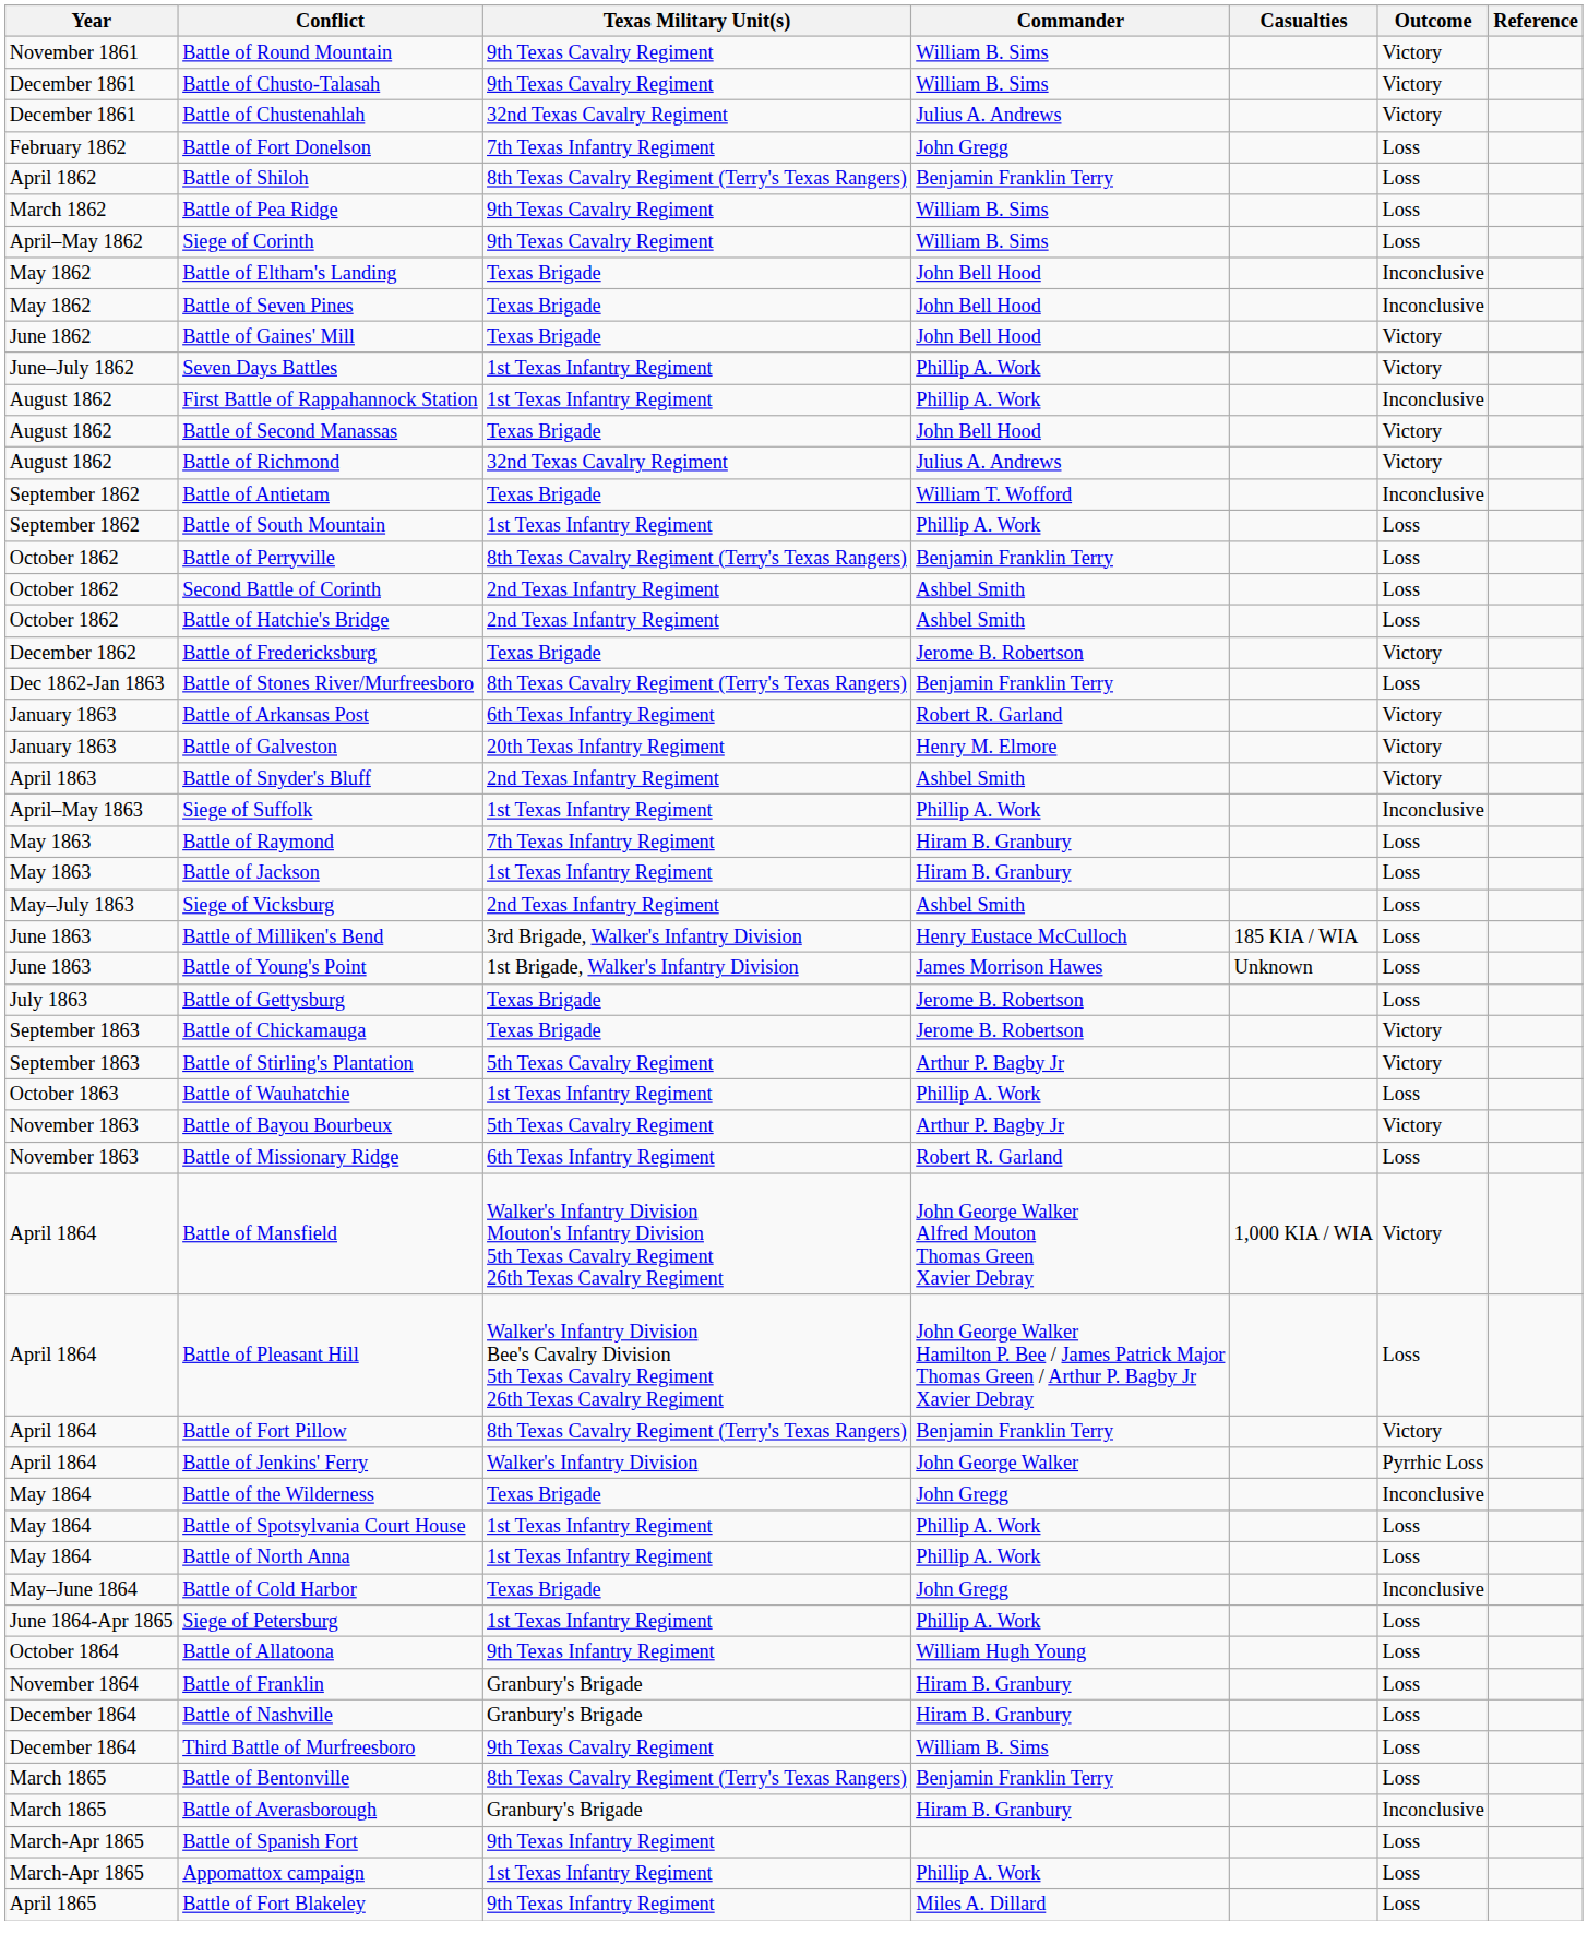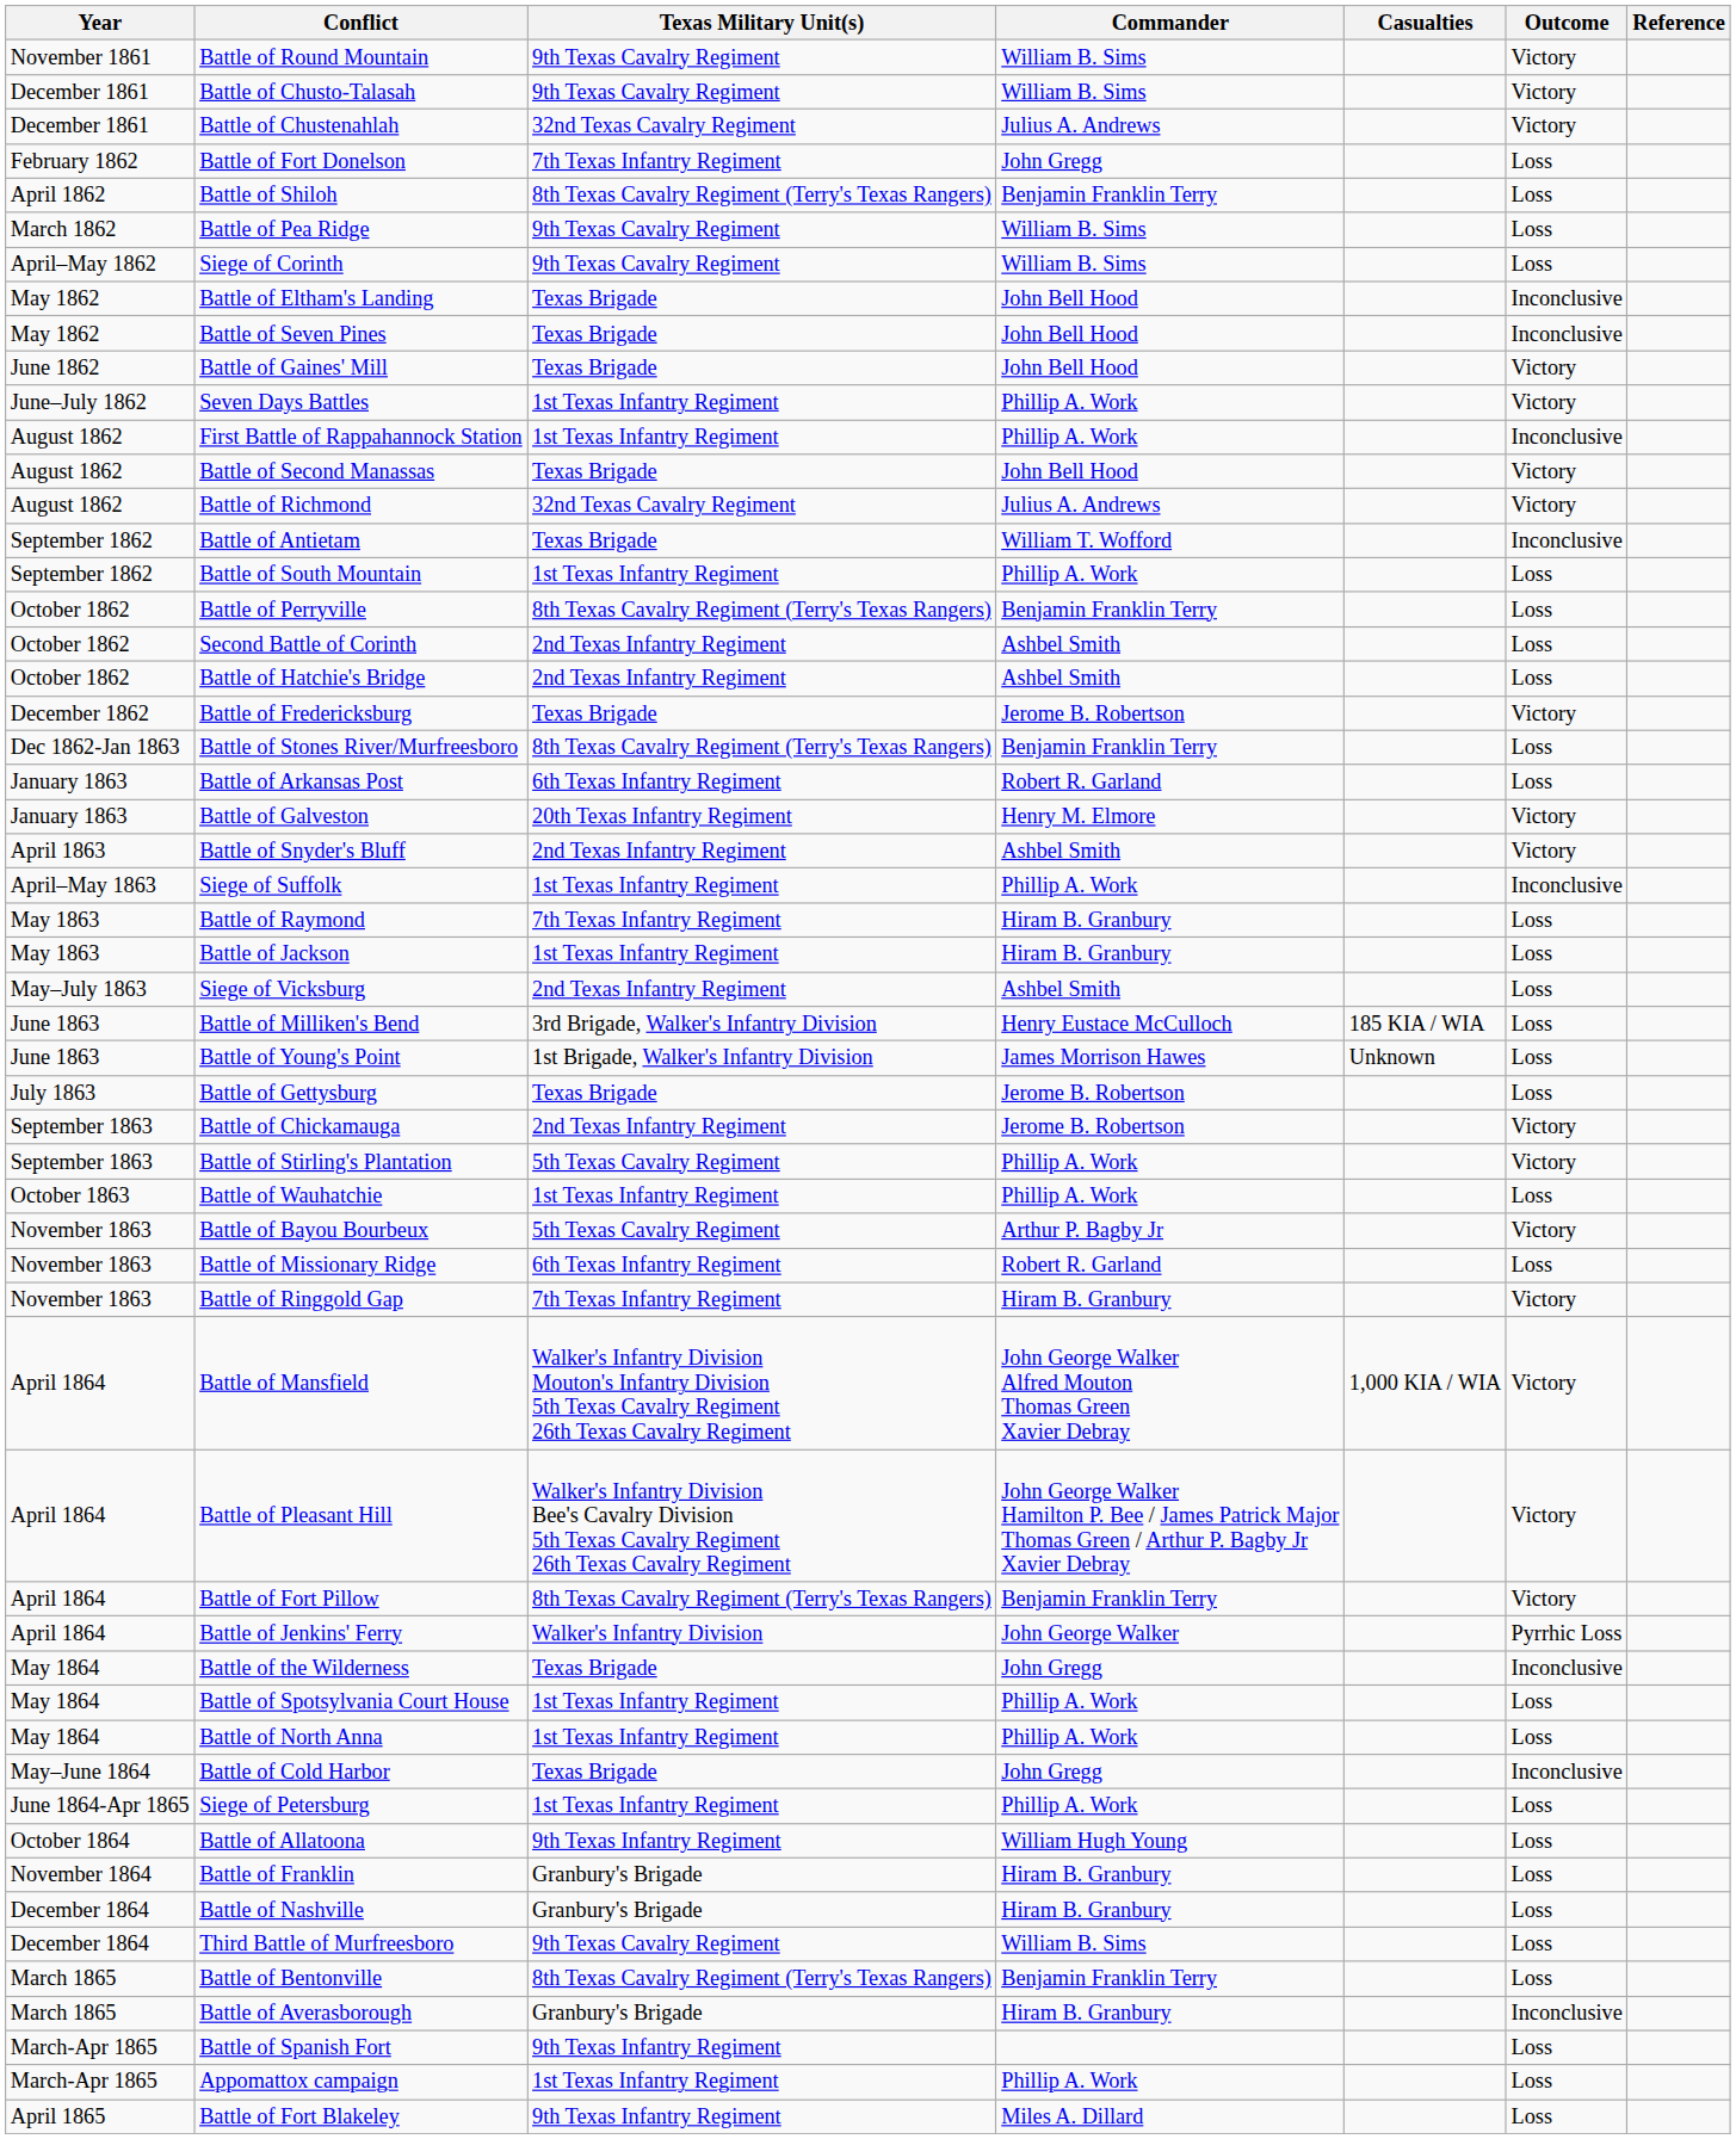 <table class="wikitable">
 <tr>
 <th>Year</th>
 <th>Conflict</th>
 <th>Texas Military Unit(s)</th>
 <th>Commander</th>
 <th>Casualties</th>
 <th>Outcome</th>
 <th>Reference</th>
 </tr>
 <tr>
 <td>November 1861</td>
 <td><a href='#'>Battle of Round Mountain</a></td>
 <td><a href='#'>9th Texas Cavalry Regiment</a></td>
 <td><a href='#'>William B. Sims</a></td>
 <td></td>
 <td>Victory</td>
 <td></td>
 </tr>
 <tr>
 <td>December 1861</td>
 <td><a href='#'>Battle of Chusto-Talasah</a></td>
 <td><a href='#'>9th Texas Cavalry Regiment</a></td>
 <td><a href='#'>William B. Sims</a></td>
 <td></td>
 <td>Victory</td>
 <td></td>
 </tr>
 <tr>
 <td>December 1861</td>
 <td><a href='#'>Battle of Chustenahlah</a></td>
 <td><a href='#'>32nd Texas Cavalry Regiment</a></td>
 <td><a href='#'>Julius A. Andrews</a></td>
 <td></td>
 <td>Victory</td>
 <td></td>
 </tr>
 <tr>
 <td>February 1862</td>
 <td><a href='#'>Battle of Fort Donelson</a></td>
 <td><a href='#'>7th Texas Infantry Regiment</a></td>
 <td><a href='#'>John Gregg</a></td>
 <td></td>
 <td>Loss</td>
 <td></td>
 </tr>
 <tr>
 <td>April 1862</td>
 <td><a href='#'>Battle of Shiloh</a></td>
 <td><a href='#'>8th Texas Cavalry Regiment (Terry's Texas Rangers)</a></td>
 <td><a href='#'>Benjamin Franklin Terry</a></td>
 <td></td>
 <td>Loss</td>
 <td></td>
 </tr>
 <tr>
 <td>March 1862</td>
 <td><a href='#'>Battle of Pea Ridge</a></td>
 <td><a href='#'>9th Texas Cavalry Regiment</a></td>
 <td><a href='#'>William B. Sims</a></td>
 <td></td>
 <td>Loss</td>
 <td></td>
 </tr>
 <tr>
 <td>April–May 1862</td>
 <td><a href='#'>Siege of Corinth</a></td>
 <td><a href='#'>9th Texas Cavalry Regiment</a></td>
 <td><a href='#'>William B. Sims</a></td>
 <td></td>
 <td>Loss</td>
 <td></td>
 </tr>
 <tr>
 <td>May 1862</td>
 <td><a href='#'>Battle of Eltham's Landing</a></td>
 <td><a href='#'>Texas Brigade</a></td>
 <td><a href='#'>John Bell Hood</a></td>
 <td></td>
 <td>Inconclusive</td>
 <td></td>
 </tr>
 <tr>
 <td>May 1862</td>
 <td><a href='#'>Battle of Seven Pines</a></td>
 <td><a href='#'>Texas Brigade</a></td>
 <td><a href='#'>John Bell Hood</a></td>
 <td></td>
 <td>Inconclusive</td>
 <td></td>
 </tr>
 <tr>
 <td>June 1862</td>
 <td><a href='#'>Battle of Gaines' Mill</a></td>
 <td><a href='#'>Texas Brigade</a></td>
 <td><a href='#'>John Bell Hood</a></td>
 <td></td>
 <td>Victory</td>
 <td></td>
 </tr>
 <tr>
 <td>June–July 1862</td>
 <td><a href='#'>Seven Days Battles</a></td>
 <td><a href='#'>1st Texas Infantry Regiment</a></td>
 <td><a href='#'>Phillip A. Work</a></td>
 <td></td>
 <td>Victory</td>
 <td></td>
 </tr>
 <tr>
 <td>August 1862</td>
 <td><a href='#'>First Battle of Rappahannock Station</a></td>
 <td><a href='#'>1st Texas Infantry Regiment</a></td>
 <td><a href='#'>Phillip A. Work</a></td>
 <td></td>
 <td>Inconclusive</td>
 <td></td>
 </tr>
 <tr>
 <td>August 1862</td>
 <td><a href='#'>Battle of Second Manassas</a></td>
 <td><a href='#'>Texas Brigade</a></td>
 <td><a href='#'>John Bell Hood</a></td>
 <td></td>
 <td>Victory</td>
 <td></td>
 </tr>
 <tr>
 <td>August 1862</td>
 <td><a href='#'>Battle of Richmond</a></td>
 <td><a href='#'>32nd Texas Cavalry Regiment</a></td>
 <td><a href='#'>Julius A. Andrews</a></td>
 <td></td>
 <td>Victory</td>
 <td></td>
 </tr>
 <tr>
 <td>September 1862</td>
 <td><a href='#'>Battle of Antietam</a></td>
 <td><a href='#'>Texas Brigade</a></td>
 <td><a href='#'>William T. Wofford</a></td>
 <td></td>
 <td>Inconclusive</td>
 <td></td>
 </tr>
 <tr>
 <td>September 1862</td>
 <td><a href='#'>Battle of South Mountain</a></td>
 <td><a href='#'>1st Texas Infantry Regiment</a></td>
 <td><a href='#'>Phillip A. Work</a></td>
 <td></td>
 <td>Loss</td>
 <td></td>
 </tr>
 <tr>
 <td>October 1862</td>
 <td><a href='#'>Battle of Perryville</a></td>
 <td><a href='#'>8th Texas Cavalry Regiment (Terry's Texas Rangers)</a></td>
 <td><a href='#'>Benjamin Franklin Terry</a></td>
 <td></td>
 <td>Loss</td>
 <td></td>
 </tr>
 <tr>
 <td>October 1862</td>
 <td><a href='#'>Second Battle of Corinth</a></td>
 <td><a href='#'>2nd Texas Infantry Regiment</a></td>
 <td><a href='#'>Ashbel Smith</a></td>
 <td></td>
 <td>Loss</td>
 <td></td>
 </tr>
 <tr>
 <td>October 1862</td>
 <td><a href='#'>Battle of Hatchie's Bridge</a></td>
 <td><a href='#'>2nd Texas Infantry Regiment</a></td>
 <td><a href='#'>Ashbel Smith</a></td>
 <td></td>
 <td>Loss</td>
 <td></td>
 </tr>
 <tr>
 <td>December 1862</td>
 <td><a href='#'>Battle of Fredericksburg</a></td>
 <td><a href='#'>Texas Brigade</a></td>
 <td><a href='#'>Jerome B. Robertson</a></td>
 <td></td>
 <td>Victory</td>
 <td></td>
 </tr>
 <tr>
 <td>Dec 1862-Jan 1863</td>
 <td><a href='#'>Battle of Stones River/Murfreesboro</a></td>
 <td><a href='#'>8th Texas Cavalry Regiment (Terry's Texas Rangers)</a></td>
 <td><a href='#'>Benjamin Franklin Terry</a></td>
 <td></td>
 <td>Loss</td>
 <td></td>
 </tr>
 <tr>
 <td>January 1863</td>
 <td><a href='#'>Battle of Arkansas Post</a></td>
 <td><a href='#'>6th Texas Infantry Regiment</a></td>
 <td><a href='#'>Robert R. Garland</a></td>
 <td></td>
-<td>Victory</td>
+<td>Loss</td>
 <td></td>
 </tr>
 <tr>
 <td>January 1863</td>
 <td><a href='#'>Battle of Galveston</a></td>
 <td><a href='#'>20th Texas Infantry Regiment</a></td>
 <td><a href='#'>Henry M. Elmore</a></td>
 <td></td>
 <td>Victory</td>
 <td></td>
 </tr>
 <tr>
 <td>April 1863</td>
 <td><a href='#'>Battle of Snyder's Bluff</a></td>
 <td><a href='#'>2nd Texas Infantry Regiment</a></td>
 <td><a href='#'>Ashbel Smith</a></td>
 <td></td>
 <td>Victory</td>
 <td></td>
 </tr>
 <tr>
 <td>April–May 1863</td>
 <td><a href='#'>Siege of Suffolk</a></td>
 <td><a href='#'>1st Texas Infantry Regiment</a></td>
 <td><a href='#'>Phillip A. Work</a></td>
 <td></td>
 <td>Inconclusive</td>
 <td></td>
 </tr>
 <tr>
 <td>May 1863</td>
 <td><a href='#'>Battle of Raymond</a></td>
 <td><a href='#'>7th Texas Infantry Regiment</a></td>
 <td><a href='#'>Hiram B. Granbury</a></td>
 <td></td>
 <td>Loss</td>
 <td></td>
 </tr>
 <tr>
 <td>May 1863</td>
 <td><a href='#'>Battle of Jackson</a></td>
 <td><a href='#'>1st Texas Infantry Regiment</a></td>
 <td><a href='#'>Hiram B. Granbury</a></td>
 <td></td>
 <td>Loss</td>
 <td></td>
 </tr>
 <tr>
 <td>May–July 1863</td>
 <td><a href='#'>Siege of Vicksburg</a></td>
 <td><a href='#'>2nd Texas Infantry Regiment</a></td>
 <td><a href='#'>Ashbel Smith</a></td>
 <td></td>
 <td>Loss</td>
 <td></td>
 </tr>
 <tr>
 <td>June 1863</td>
 <td><a href='#'>Battle of Milliken's Bend</a></td>
 <td>3rd Brigade, <a href='#'>Walker's Infantry Division</a></td>
 <td><a href='#'>Henry Eustace McCulloch</a></td>
 <td>185 KIA / WIA</td>
 <td>Loss</td>
 <td></td>
 </tr>
 <tr>
 <td>June 1863</td>
 <td><a href='#'>Battle of Young's Point</a></td>
 <td>1st Brigade, <a href='#'>Walker's Infantry Division</a></td>
 <td><a href='#'>James Morrison Hawes</a></td>
 <td>Unknown</td>
 <td>Loss</td>
 <td></td>
 </tr>
 <tr>
 <td>July 1863</td>
 <td><a href='#'>Battle of Gettysburg</a></td>
 <td><a href='#'>Texas Brigade</a></td>
 <td><a href='#'>Jerome B. Robertson</a></td>
 <td></td>
 <td>Loss</td>
 <td></td>
 </tr>
 <tr>
 <td>September 1863</td>
 <td><a href='#'>Battle of Chickamauga</a></td>
-<td><a href='#'>Texas Brigade</a></td>
+<td><a href='#'>2nd Texas Infantry Regiment</a></td>
 <td><a href='#'>Jerome B. Robertson</a></td>
 <td></td>
 <td>Victory</td>
 <td></td>
 </tr>
 <tr>
 <td>September 1863</td>
 <td><a href='#'>Battle of Stirling's Plantation</a></td>
 <td><a href='#'>5th Texas Cavalry Regiment</a></td>
-<td><a href='#'>Arthur P. Bagby Jr</a></td>
+<td><a href='#'>Phillip A. Work</a></td>
 <td></td>
 <td>Victory</td>
 <td></td>
 </tr>
 <tr>
 <td>October 1863</td>
 <td><a href='#'>Battle of Wauhatchie</a></td>
 <td><a href='#'>1st Texas Infantry Regiment</a></td>
 <td><a href='#'>Phillip A. Work</a></td>
 <td></td>
 <td>Loss</td>
 <td></td>
 </tr>
 <tr>
 <td>November 1863</td>
 <td><a href='#'>Battle of Bayou Bourbeux</a></td>
 <td><a href='#'>5th Texas Cavalry Regiment</a></td>
 <td><a href='#'>Arthur P. Bagby Jr</a></td>
 <td></td>
 <td>Victory</td>
 <td></td>
 </tr>
 <tr>
 <td>November 1863</td>
 <td><a href='#'>Battle of Missionary Ridge</a></td>
 <td><a href='#'>6th Texas Infantry Regiment</a></td>
 <td><a href='#'>Robert R. Garland</a></td>
 <td></td>
 <td>Loss</td>
 <td></td>
 </tr>
 <tr>
+<td>November 1863</td>
+<td><a href='#'>Battle of Ringgold Gap</a></td>
+<td><a href='#'>7th Texas Infantry Regiment</a></td>
+<td><a href='#'>Hiram B. Granbury</a></td>
+<td></td>
+<td>Victory</td>
+<td></td>
+</tr>
+<tr>
 <td>April 1864</td>
 <td><a href='#'>Battle of Mansfield</a></td>
 <td><br><a href='#'>Walker's Infantry Division</a><br> <a href='#'>Mouton's Infantry Division</a><br> <a href='#'>5th Texas Cavalry Regiment</a><br> <a href='#'>26th Texas Cavalry Regiment</a></td>
 <td><br><a href='#'>John George Walker</a><br> <a href='#'>Alfred Mouton</a><br> <a href='#'>Thomas Green</a><br> <a href='#'>Xavier Debray</a></td>
 <td>1,000 KIA / WIA</td>
 <td>Victory</td>
 <td></td>
 </tr>
 <tr>
 <td>April 1864</td>
 <td><a href='#'>Battle of Pleasant Hill</a></td>
 <td><br><a href='#'>Walker's Infantry Division</a><br> Bee's Cavalry Division<br> <a href='#'>5th Texas Cavalry Regiment</a><br> <a href='#'>26th Texas Cavalry Regiment</a></td>
 <td><br><a href='#'>John George Walker</a><br> <a href='#'>Hamilton P. Bee</a> / <a href='#'>James Patrick Major</a><br> <a href='#'>Thomas Green</a> / <a href='#'>Arthur P. Bagby Jr</a><br> <a href='#'>Xavier Debray</a></td>
 <td></td>
-<td>Loss</td>
+<td>Victory</td>
 <td></td>
 </tr>
 <tr>
 <td>April 1864</td>
 <td><a href='#'>Battle of Fort Pillow</a></td>
 <td><a href='#'>8th Texas Cavalry Regiment (Terry's Texas Rangers)</a></td>
 <td><a href='#'>Benjamin Franklin Terry</a></td>
 <td></td>
 <td>Victory</td>
 <td></td>
 </tr>
 <tr>
 <td>April 1864</td>
 <td><a href='#'>Battle of Jenkins' Ferry</a></td>
 <td><a href='#'>Walker's Infantry Division</a></td>
 <td><a href='#'>John George Walker</a></td>
 <td></td>
 <td>Pyrrhic Loss</td>
 <td></td>
 </tr>
 <tr>
 <td>May 1864</td>
 <td><a href='#'>Battle of the Wilderness</a></td>
 <td><a href='#'>Texas Brigade</a></td>
 <td><a href='#'>John Gregg</a></td>
 <td></td>
 <td>Inconclusive</td>
 <td></td>
 </tr>
 <tr>
 <td>May 1864</td>
 <td><a href='#'>Battle of Spotsylvania Court House</a></td>
 <td><a href='#'>1st Texas Infantry Regiment</a></td>
 <td><a href='#'>Phillip A. Work</a></td>
 <td></td>
 <td>Loss</td>
 <td></td>
 </tr>
 <tr>
 <td>May 1864</td>
 <td><a href='#'>Battle of North Anna</a></td>
 <td><a href='#'>1st Texas Infantry Regiment</a></td>
 <td><a href='#'>Phillip A. Work</a></td>
 <td></td>
 <td>Loss</td>
 <td></td>
 </tr>
 <tr>
 <td>May–June 1864</td>
 <td><a href='#'>Battle of Cold Harbor</a></td>
 <td><a href='#'>Texas Brigade</a></td>
 <td><a href='#'>John Gregg</a></td>
 <td></td>
 <td>Inconclusive</td>
 <td></td>
 </tr>
 <tr>
 <td>June 1864-Apr 1865</td>
 <td><a href='#'>Siege of Petersburg</a></td>
 <td><a href='#'>1st Texas Infantry Regiment</a></td>
 <td><a href='#'>Phillip A. Work</a></td>
 <td></td>
 <td>Loss</td>
 <td></td>
 </tr>
 <tr>
 <td>October 1864</td>
 <td><a href='#'>Battle of Allatoona</a></td>
 <td><a href='#'>9th Texas Infantry Regiment</a></td>
 <td><a href='#'>William Hugh Young</a></td>
 <td></td>
 <td>Loss</td>
 <td></td>
 </tr>
 <tr>
 <td>November 1864</td>
 <td><a href='#'>Battle of Franklin</a></td>
 <td>Granbury's Brigade</td>
 <td><a href='#'>Hiram B. Granbury</a></td>
 <td></td>
 <td>Loss</td>
 <td></td>
 </tr>
 <tr>
 <td>December 1864</td>
 <td><a href='#'>Battle of Nashville</a></td>
 <td>Granbury's Brigade</td>
 <td><a href='#'>Hiram B. Granbury</a></td>
 <td></td>
 <td>Loss</td>
 <td></td>
 </tr>
 <tr>
 <td>December 1864</td>
 <td><a href='#'>Third Battle of Murfreesboro</a></td>
 <td><a href='#'>9th Texas Cavalry Regiment</a></td>
 <td><a href='#'>William B. Sims</a></td>
 <td></td>
 <td>Loss</td>
 <td></td>
 </tr>
 <tr>
 <td>March 1865</td>
 <td><a href='#'>Battle of Bentonville</a></td>
 <td><a href='#'>8th Texas Cavalry Regiment (Terry's Texas Rangers)</a></td>
 <td><a href='#'>Benjamin Franklin Terry</a></td>
 <td></td>
 <td>Loss</td>
 <td></td>
 </tr>
 <tr>
 <td>March 1865</td>
 <td><a href='#'>Battle of Averasborough</a></td>
 <td>Granbury's Brigade</td>
 <td><a href='#'>Hiram B. Granbury</a></td>
 <td></td>
 <td>Inconclusive</td>
 <td></td>
 </tr>
 <tr>
 <td>March-Apr 1865</td>
 <td><a href='#'>Battle of Spanish Fort</a></td>
 <td><a href='#'>9th Texas Infantry Regiment</a></td>
 <td></td>
 <td></td>
 <td>Loss</td>
 <td></td>
 </tr>
 <tr>
 <td>March-Apr 1865</td>
 <td><a href='#'>Appomattox campaign</a></td>
 <td><a href='#'>1st Texas Infantry Regiment</a></td>
 <td><a href='#'>Phillip A. Work</a></td>
 <td></td>
 <td>Loss</td>
 <td></td>
 </tr>
 <tr>
 <td>April 1865</td>
 <td><a href='#'>Battle of Fort Blakeley</a></td>
 <td><a href='#'>9th Texas Infantry Regiment</a></td>
 <td><a href='#'>Miles A. Dillard</a></td>
 <td></td>
 <td>Loss</td>
 <td></td>
 </tr>
 </table>
